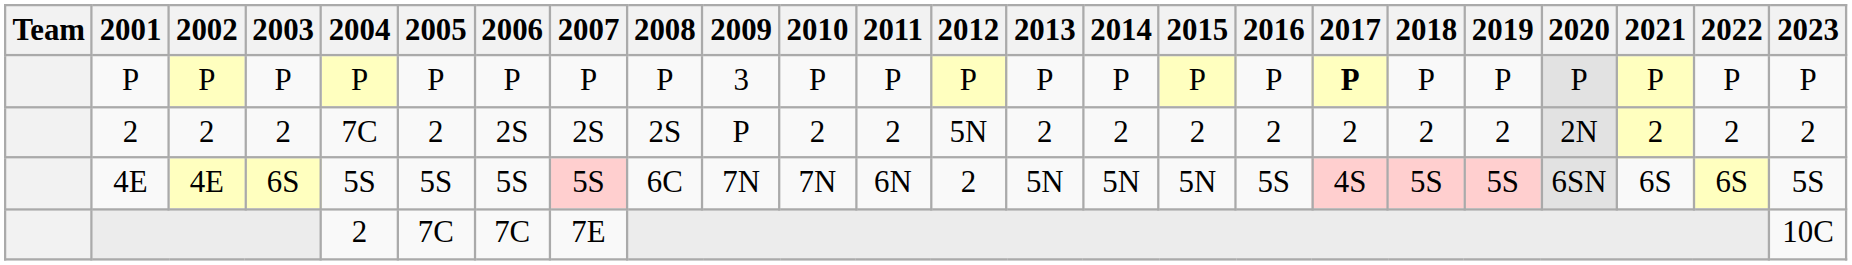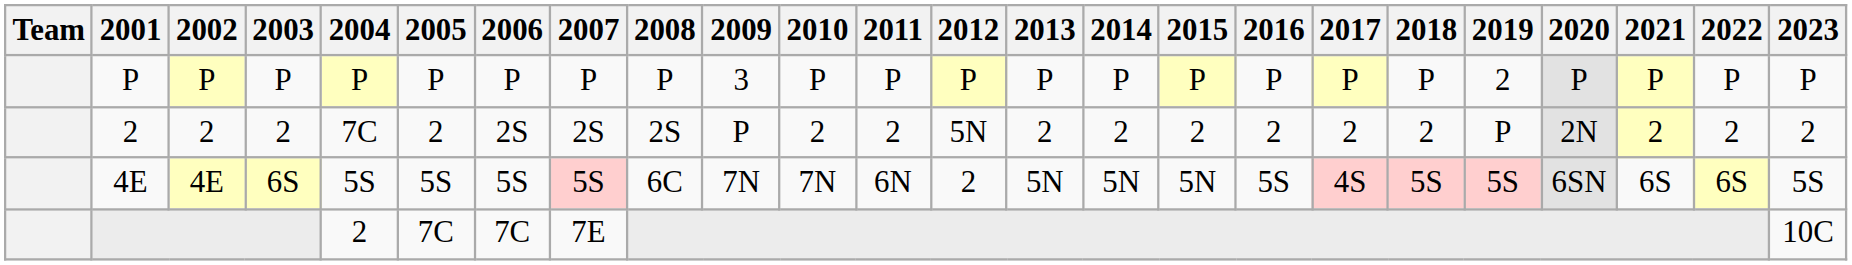 <table class="wikitable" style="font-size:85%; text-align: center">
 <tr>
 <th scope="col">Team</th>
 <th scope="col">2001</th>
 <th scope="col">2002</th>
 <th scope="col">2003</th>
 <th scope="col">2004</th>
 <th scope="col">2005</th>
 <th scope="col">2006</th>
 <th scope="col">2007</th>
 <th scope="col">2008</th>
 <th scope="col">2009</th>
 <th scope="col">2010</th>
 <th scope="col">2011</th>
 <th scope="col">2012</th>
 <th scope="col">2013</th>
 <th scope="col">2014</th>
 <th scope="col">2015</th>
 <th scope="col">2016</th>
 <th scope="col">2017</th>
 <th scope="col">2018</th>
 <th scope="col">2019</th>
 <th scope="col">2020</th>
 <th scope="col">2021</th>
 <th scope="col">2022</th>
 <th scope="col">2023</th>
 </tr>
 <tr>
 <th scope="row"></th>
 <td>P</td>
 <td bgcolor="#ffffbf">P</td>
 <td>P</td>
 <td bgcolor="#ffffbf">P</td>
 <td>P</td>
 <td>P</td>
 <td>P</td>
 <td>P</td>
 <td>3</td>
 <td>P</td>
 <td>P</td>
 <td bgcolor="#ffffbf">P</td>
 <td>P</td>
 <td>P</td>
 <td bgcolor="#ffffbf">P</td>
 <td>P</td>
-<td bgcolor="#ffffbf"><strong>P</strong></td>
+<td bgcolor="#ffffbf">P</td>
 <td>P</td>
-<td>P</td>
+<td>2</td>
 <td bgcolor="#e2e2e2">P</td>
 <td bgcolor="#ffffbf">P</td>
 <td>P</td>
 <td>P</td>
 </tr>
 <tr>
 <th scope="row"></th>
 <td>2</td>
 <td>2</td>
 <td>2</td>
 <td>7C</td>
 <td>2</td>
 <td>2S</td>
 <td>2S</td>
 <td>2S</td>
 <td>P</td>
 <td>2</td>
 <td>2</td>
 <td>5N</td>
 <td>2</td>
 <td>2</td>
 <td>2</td>
 <td>2</td>
 <td>2</td>
 <td>2</td>
-<td>2</td>
+<td>P</td>
 <td bgcolor="#e2e2e2">2N</td>
 <td bgcolor="#ffffbf">2</td>
 <td>2</td>
 <td>2</td>
 </tr>
 <tr>
 <th scope="row"></th>
 <td>4E</td>
 <td bgcolor="#ffffbf">4E</td>
 <td bgcolor="#ffffbf">6S</td>
 <td>5S</td>
 <td>5S</td>
 <td>5S</td>
 <td bgcolor="#ffcfcf">5S</td>
 <td>6C</td>
 <td>7N</td>
 <td>7N</td>
 <td>6N</td>
 <td>2</td>
 <td>5N</td>
 <td>5N</td>
 <td>5N</td>
 <td>5S</td>
 <td bgcolor="#ffcfcf">4S</td>
 <td bgcolor="#ffcfcf">5S</td>
 <td bgcolor="#ffcfcf">5S</td>
 <td bgcolor="#e2e2e2">6SN</td>
 <td>6S</td>
 <td bgcolor="#ffffbf">6S</td>
 <td>5S</td>
 </tr>
 <tr>
 <th scope="row"></th>
 <td bgcolor="#ececec" colspan="3"></td>
 <td>2</td>
 <td>7C</td>
 <td>7C</td>
 <td>7E</td>
 <td bgcolor="#ececec" colspan="15"></td>
 <td>10C</td>
 </tr>
 </table>
